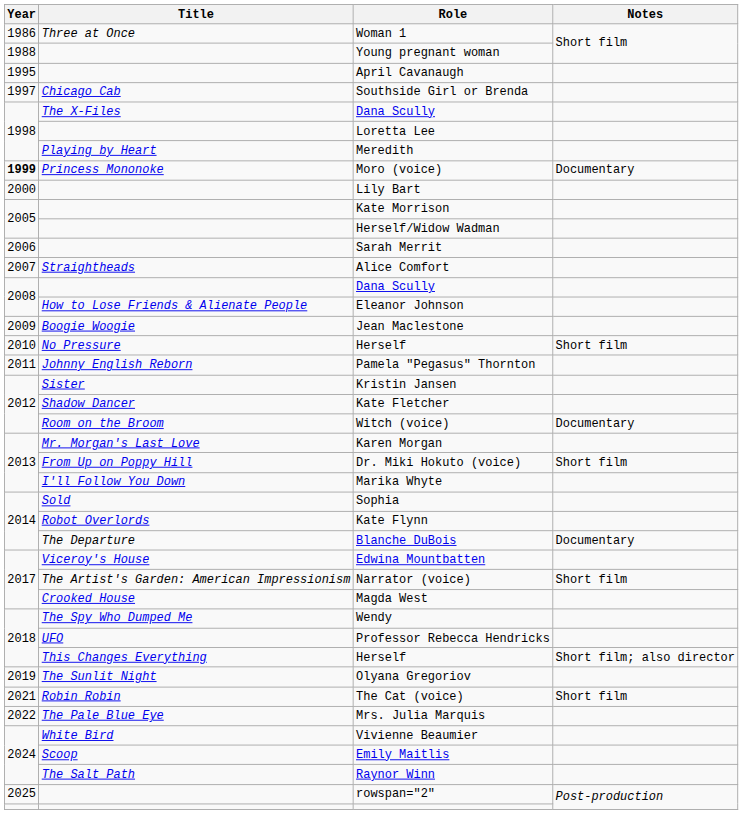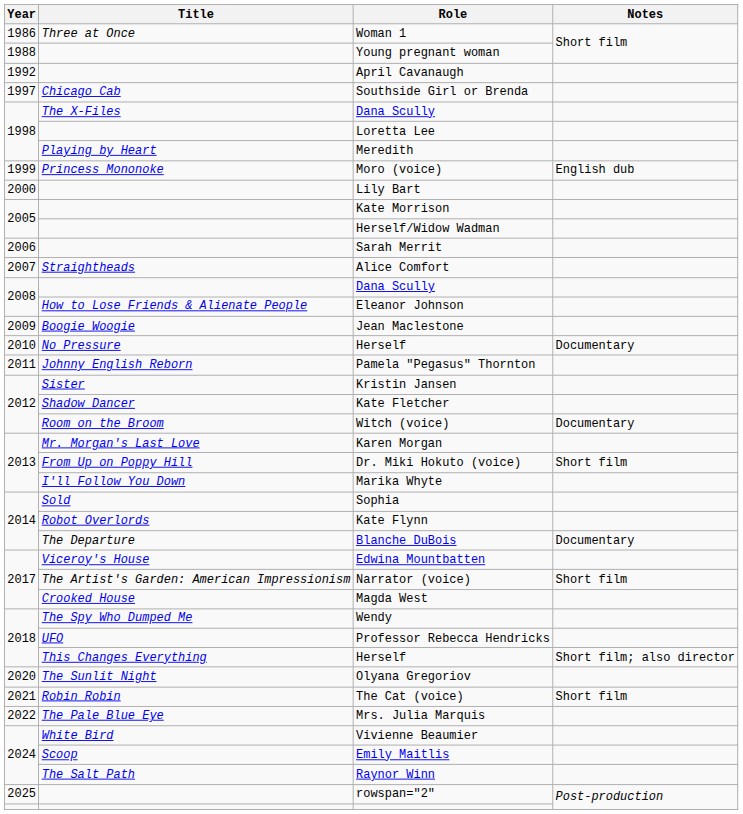 <table class="wikitable sortable">
 <tr>
 <th>Year</th>
 <th>Title</th>
 <th>Role</th>
 <th class="unsortable">Notes</th>
 </tr>
 <tr>
 <td>1986</td>
 <td><em>Three at Once</em></td>
 <td>Woman 1</td>
 <td rowspan="2">Short film</td>
 </tr>
 <tr>
 <td>1988</td>
 <td><em></em></td>
 <td>Young pregnant woman</td>
 </tr>
 <tr>
-<td>1995</td>
+<td>1992</td>
 <td><em></em></td>
 <td>April Cavanaugh</td>
 <td></td>
 </tr>
 <tr>
 <td>1997</td>
 <td><em><a href='#'>Chicago Cab</a></em></td>
 <td>Southside Girl or Brenda</td>
 <td></td>
 </tr>
 <tr>
 <td rowspan="3">1998</td>
 <td><em><a href='#'>The X-Files</a></em></td>
 <td><a href='#'>Dana Scully</a></td>
 <td></td>
 </tr>
 <tr>
 <td><em></em></td>
 <td>Loretta Lee</td>
 <td></td>
 </tr>
 <tr>
 <td><em><a href='#'>Playing by Heart</a></em></td>
 <td>Meredith</td>
 <td></td>
 </tr>
 <tr>
-<td><strong>1999</strong></td>
+<td>1999</td>
 <td><em><a href='#'>Princess Mononoke</a></em></td>
 <td>Moro (voice)</td>
-<td>Documentary</td>
+<td>English dub</td>
 </tr>
 <tr>
 <td>2000</td>
 <td><em></em></td>
 <td>Lily Bart</td>
 <td></td>
 </tr>
 <tr>
 <td rowspan="2">2005</td>
 <td><em></em></td>
 <td>Kate Morrison</td>
 <td></td>
 </tr>
 <tr>
 <td><em></em></td>
 <td>Herself/Widow Wadman</td>
 <td></td>
 </tr>
 <tr>
 <td>2006</td>
 <td><em></em></td>
 <td>Sarah Merrit</td>
 <td></td>
 </tr>
 <tr>
 <td>2007</td>
 <td><em><a href='#'>Straightheads</a></em></td>
 <td>Alice Comfort</td>
 <td></td>
 </tr>
 <tr>
 <td rowspan="2">2008</td>
 <td><em></em></td>
 <td><a href='#'>Dana Scully</a></td>
 <td></td>
 </tr>
 <tr>
 <td><em><a href='#'>How to Lose Friends & Alienate People</a></em></td>
 <td>Eleanor Johnson</td>
 <td></td>
 </tr>
 <tr>
 <td>2009</td>
 <td><em><a href='#'>Boogie Woogie</a></em></td>
 <td>Jean Maclestone</td>
 <td></td>
 </tr>
 <tr>
 <td>2010</td>
 <td><em><a href='#'>No Pressure</a></em></td>
 <td>Herself</td>
-<td>Short film</td>
+<td>Documentary</td>
 </tr>
 <tr>
 <td>2011</td>
 <td><em><a href='#'>Johnny English Reborn</a></em></td>
 <td>Pamela "Pegasus" Thornton</td>
 <td></td>
 </tr>
 <tr>
 <td rowspan="3">2012</td>
 <td><em><a href='#'>Sister</a></em></td>
 <td>Kristin Jansen</td>
 <td></td>
 </tr>
 <tr>
 <td><em><a href='#'>Shadow Dancer</a></em></td>
 <td>Kate Fletcher</td>
 <td></td>
 </tr>
 <tr>
 <td><em><a href='#'>Room on the Broom</a></em></td>
 <td>Witch (voice)</td>
 <td>Documentary</td>
 </tr>
 <tr>
 <td rowspan="3">2013</td>
 <td><em><a href='#'>Mr. Morgan's Last Love</a></em></td>
 <td>Karen Morgan</td>
 <td></td>
 </tr>
 <tr>
 <td><em><a href='#'>From Up on Poppy Hill</a></em></td>
 <td>Dr. Miki Hokuto (voice)</td>
 <td>Short film</td>
 </tr>
 <tr>
 <td><em><a href='#'>I'll Follow You Down</a></em></td>
 <td>Marika Whyte</td>
 <td></td>
 </tr>
 <tr>
 <td rowspan="3">2014</td>
 <td><em><a href='#'>Sold</a></em></td>
 <td>Sophia</td>
 <td></td>
 </tr>
 <tr>
 <td><em><a href='#'>Robot Overlords</a></em></td>
 <td>Kate Flynn</td>
 <td></td>
 </tr>
 <tr>
 <td><em>The Departure</em></td>
 <td><a href='#'>Blanche DuBois</a></td>
 <td>Documentary</td>
 </tr>
 <tr>
 <td rowspan="3">2017</td>
 <td><em><a href='#'>Viceroy's House</a></em></td>
 <td><a href='#'>Edwina Mountbatten</a></td>
 <td></td>
 </tr>
 <tr>
 <td><em>The Artist's Garden: American Impressionism</em></td>
 <td>Narrator (voice)</td>
 <td>Short film</td>
 </tr>
 <tr>
 <td><em><a href='#'>Crooked House</a></em></td>
 <td>Magda West</td>
 <td></td>
 </tr>
 <tr>
 <td rowspan="3">2018</td>
 <td><em><a href='#'>The Spy Who Dumped Me</a></em></td>
 <td>Wendy</td>
 <td></td>
 </tr>
 <tr>
 <td><em><a href='#'>UFO</a></em></td>
 <td>Professor Rebecca Hendricks</td>
 <td></td>
 </tr>
 <tr>
 <td><em><a href='#'>This Changes Everything</a></em></td>
 <td>Herself</td>
 <td>Short film; also director</td>
 </tr>
 <tr>
-<td>2019</td>
+<td>2020</td>
 <td><em><a href='#'>The Sunlit Night</a></em></td>
 <td>Olyana Gregoriov</td>
 <td></td>
 </tr>
 <tr>
 <td>2021</td>
 <td><em><a href='#'>Robin Robin</a></em></td>
 <td>The Cat (voice)</td>
 <td>Short film</td>
 </tr>
 <tr>
 <td>2022</td>
 <td><em><a href='#'>The Pale Blue Eye</a></em></td>
 <td>Mrs. Julia Marquis</td>
 <td></td>
 </tr>
 <tr>
 <td rowspan="3">2024</td>
 <td><em><a href='#'>White Bird</a></em></td>
 <td>Vivienne Beaumier</td>
 <td></td>
 </tr>
 <tr>
 <td><em><a href='#'>Scoop</a></em></td>
 <td><a href='#'>Emily Maitlis</a></td>
 <td></td>
 </tr>
 <tr>
 <td><em><a href='#'>The Salt Path</a></em></td>
 <td><a href='#'>Raynor Winn</a></td>
 <td></td>
 </tr>
 <tr>
 <td>2025</td>
 <td></td>
 <td>rowspan="2"  </td>
 <td rowspan="2"><em>Post-production</em></td>
 </tr>
 <tr>
 <td></td>
 <td></td>
 </tr>
 </table>
